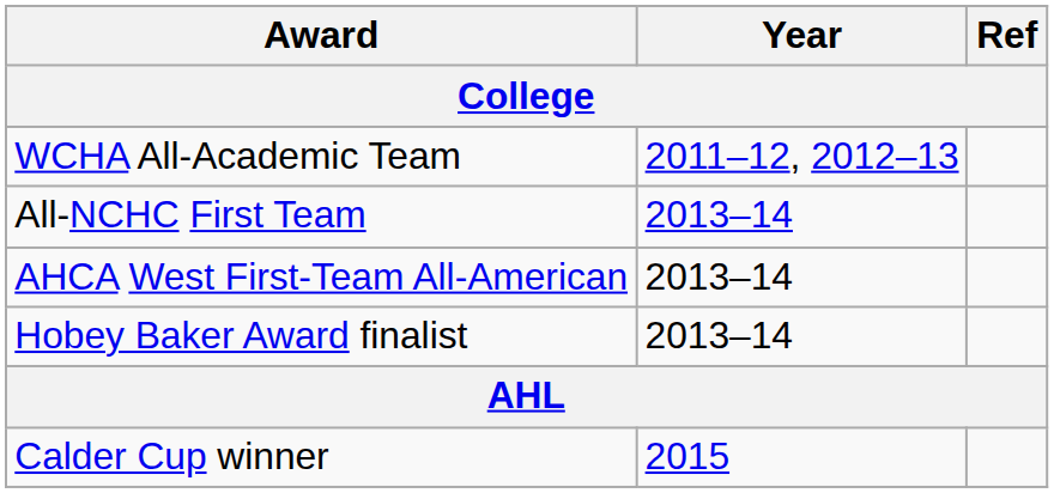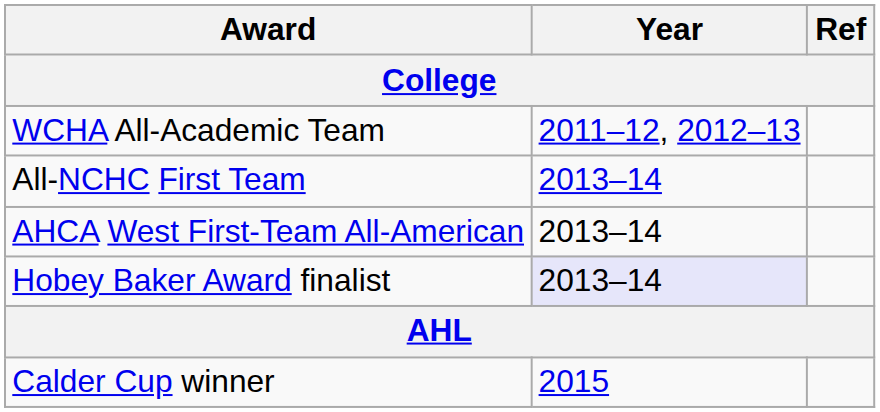 <table class="wikitable">
 <tr>
 <th>Award</th>
 <th>Year</th>
 <th>Ref</th>
 </tr>
 <tr>
 <th colspan="3"><a href='#'>College</a></th>
 </tr>
 <tr>
 <td><a href='#'>WCHA</a> All-Academic Team</td>
 <td><a href='#'>2011–12</a>, <a href='#'>2012–13</a></td>
 <td></td>
 </tr>
 <tr>
 <td>All-<a href='#'>NCHC</a> <a href='#'>First Team</a></td>
 <td><a href='#'>2013–14</a></td>
 <td></td>
 </tr>
 <tr>
 <td><a href='#'>AHCA</a> <a href='#'>West First-Team All-American</a></td>
 <td>2013–14</td>
 <td></td>
 </tr>
 <tr>
 <td><a href='#'>Hobey Baker Award</a> finalist</td>
-<td>2013–14</td>
+<td style="background: lavender;">2013–14</td>
 <td></td>
 </tr>
 <tr>
 <th colspan="3"><a href='#'>AHL</a></th>
 </tr>
 <tr>
 <td><a href='#'>Calder Cup</a> winner</td>
 <td><a href='#'>2015</a></td>
 <td></td>
 </tr>
 </table>
